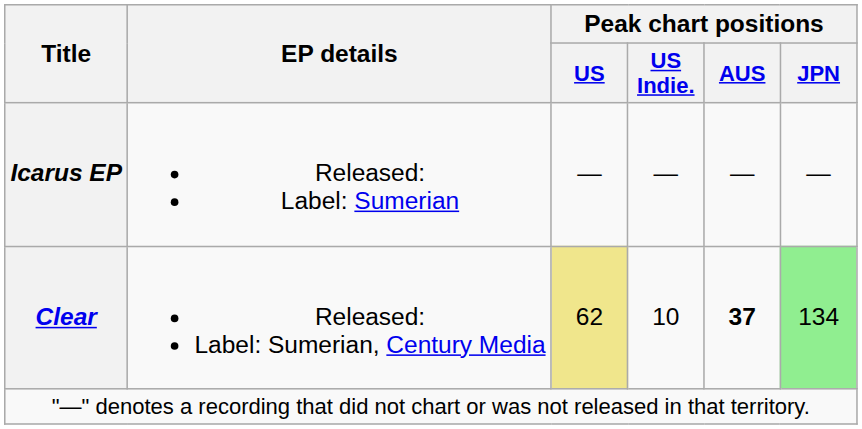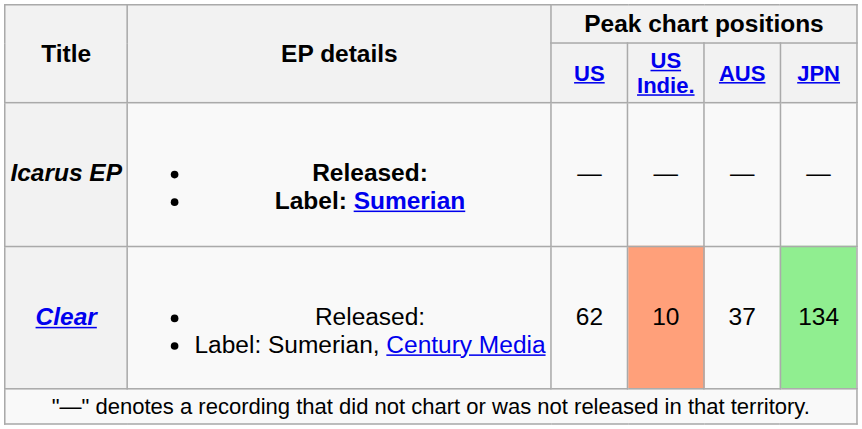 <table class="wikitable plainrowheaders" style="text-align:center;">
 <tr>
 <th rowspan="2">Title</th>
 <th rowspan="2">EP details</th>
 <th colspan="4">Peak chart positions</th>
 </tr>
 <tr>
 <th style="width:3em;font-size:90%;" data-sort-type="number"><a href='#'>US</a><br></th>
 <th style="width:3em;font-size:90%;" data-sort-type="number"><a href='#'>US<br>Indie.</a><br></th>
 <th style="width:3em;font-size:90%;" data-sort-type="number"><a href='#'>AUS</a><br></th>
 <th style="width:3em;font-size:90%;" data-sort-type="number"><a href='#'>JPN</a><br></th>
 </tr>
 <tr>
 <th scope="row"><em>Icarus EP</em></th>
-<td><br><ul><li>Released: </li><li>Label: <a href='#'>Sumerian</a></li></ul></td>
+<td><strong><br><ul><li>Released: </li><li>Label: <a href='#'>Sumerian</a></li></ul></strong></td>
 <td>—</td>
 <td>—</td>
 <td>—</td>
 <td>—</td>
 </tr>
 <tr>
 <th scope="row"><em><a href='#'>Clear</a></em></th>
 <td><br><ul><li>Released: </li><li>Label: Sumerian, <a href='#'>Century Media</a></li></ul></td>
-<td style="background: khaki;">62</td>
-<td>10</td>
-<td><strong>37</strong></td>
+<td>62</td>
+<td style="background: lightsalmon;">10</td>
+<td>37</td>
 <td style="background: lightgreen;">134</td>
 </tr>
 <tr>
 <td colspan="15" style="font-size:90%">"—" denotes a recording that did not chart or was not released in that territory.</td>
 </tr>
 </table>
